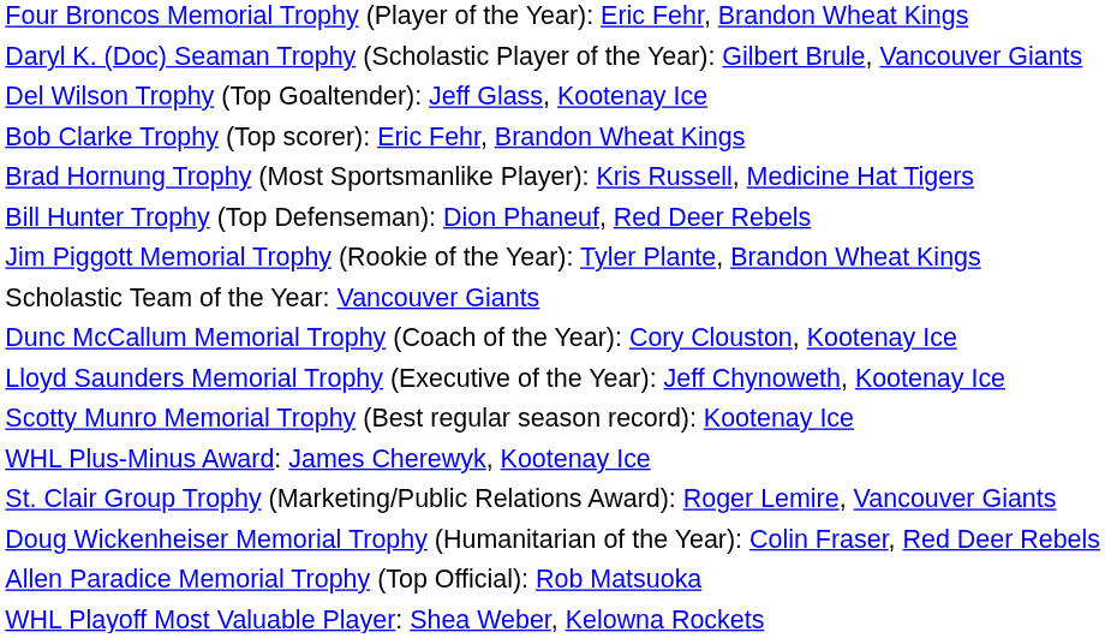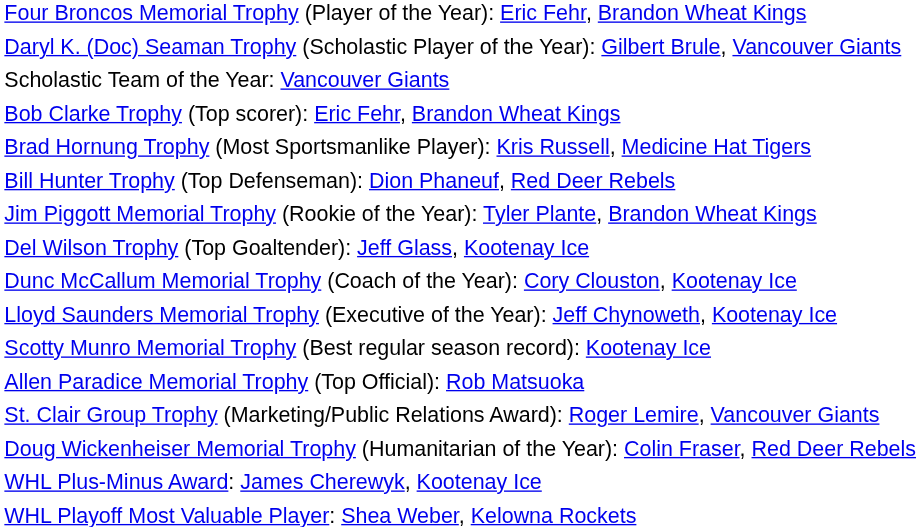 <table cellpadding="3" cellspacing="1">
 <tr>
 <td><a href='#'>Four Broncos Memorial Trophy</a> (Player of the Year): <a href='#'>Eric Fehr</a>, <a href='#'>Brandon Wheat Kings</a></td>
 </tr>
 <tr>
 <td><a href='#'>Daryl K. (Doc) Seaman Trophy</a> (Scholastic Player of the Year): <a href='#'>Gilbert Brule</a>, <a href='#'>Vancouver Giants</a></td>
 </tr>
 <tr>
-<td><a href='#'>Del Wilson Trophy</a> (Top Goaltender): <a href='#'>Jeff Glass</a>, <a href='#'>Kootenay Ice</a></td>
+<td>Scholastic Team of the Year: <a href='#'>Vancouver Giants</a></td>
 </tr>
 <tr>
 <td><a href='#'>Bob Clarke Trophy</a> (Top scorer): <a href='#'>Eric Fehr</a>, <a href='#'>Brandon Wheat Kings</a></td>
 </tr>
 <tr>
 <td><a href='#'>Brad Hornung Trophy</a> (Most Sportsmanlike Player): <a href='#'>Kris Russell</a>, <a href='#'>Medicine Hat Tigers</a></td>
 </tr>
 <tr>
 <td><a href='#'>Bill Hunter Trophy</a> (Top Defenseman): <a href='#'>Dion Phaneuf</a>, <a href='#'>Red Deer Rebels</a></td>
 </tr>
 <tr>
 <td><a href='#'>Jim Piggott Memorial Trophy</a> (Rookie of the Year): <a href='#'>Tyler Plante</a>, <a href='#'>Brandon Wheat Kings</a></td>
 </tr>
 <tr>
-<td>Scholastic Team of the Year: <a href='#'>Vancouver Giants</a></td>
+<td><a href='#'>Del Wilson Trophy</a> (Top Goaltender): <a href='#'>Jeff Glass</a>, <a href='#'>Kootenay Ice</a></td>
 </tr>
 <tr>
 <td><a href='#'>Dunc McCallum Memorial Trophy</a> (Coach of the Year): <a href='#'>Cory Clouston</a>, <a href='#'>Kootenay Ice</a></td>
 </tr>
 <tr>
 <td><a href='#'>Lloyd Saunders Memorial Trophy</a> (Executive of the Year): <a href='#'>Jeff Chynoweth</a>, <a href='#'>Kootenay Ice</a></td>
 </tr>
 <tr>
 <td><a href='#'>Scotty Munro Memorial Trophy</a> (Best regular season record): <a href='#'>Kootenay Ice</a></td>
 </tr>
 <tr>
-<td><a href='#'>WHL Plus-Minus Award</a>: <a href='#'>James Cherewyk</a>, <a href='#'>Kootenay Ice</a></td>
+<td><a href='#'>Allen Paradice Memorial Trophy</a> (Top Official): <a href='#'>Rob Matsuoka</a></td>
 </tr>
 <tr>
 <td><a href='#'>St. Clair Group Trophy</a> (Marketing/Public Relations Award): <a href='#'>Roger Lemire</a>, <a href='#'>Vancouver Giants</a></td>
 </tr>
 <tr>
 <td><a href='#'>Doug Wickenheiser Memorial Trophy</a> (Humanitarian of the Year): <a href='#'>Colin Fraser</a>, <a href='#'>Red Deer Rebels</a></td>
 </tr>
 <tr>
-<td><a href='#'>Allen Paradice Memorial Trophy</a> (Top Official): <a href='#'>Rob Matsuoka</a></td>
+<td><a href='#'>WHL Plus-Minus Award</a>: <a href='#'>James Cherewyk</a>, <a href='#'>Kootenay Ice</a></td>
 </tr>
 <tr>
 <td><a href='#'>WHL Playoff Most Valuable Player</a>: <a href='#'>Shea Weber</a>, <a href='#'>Kelowna Rockets</a></td>
 </tr>
 </table>
